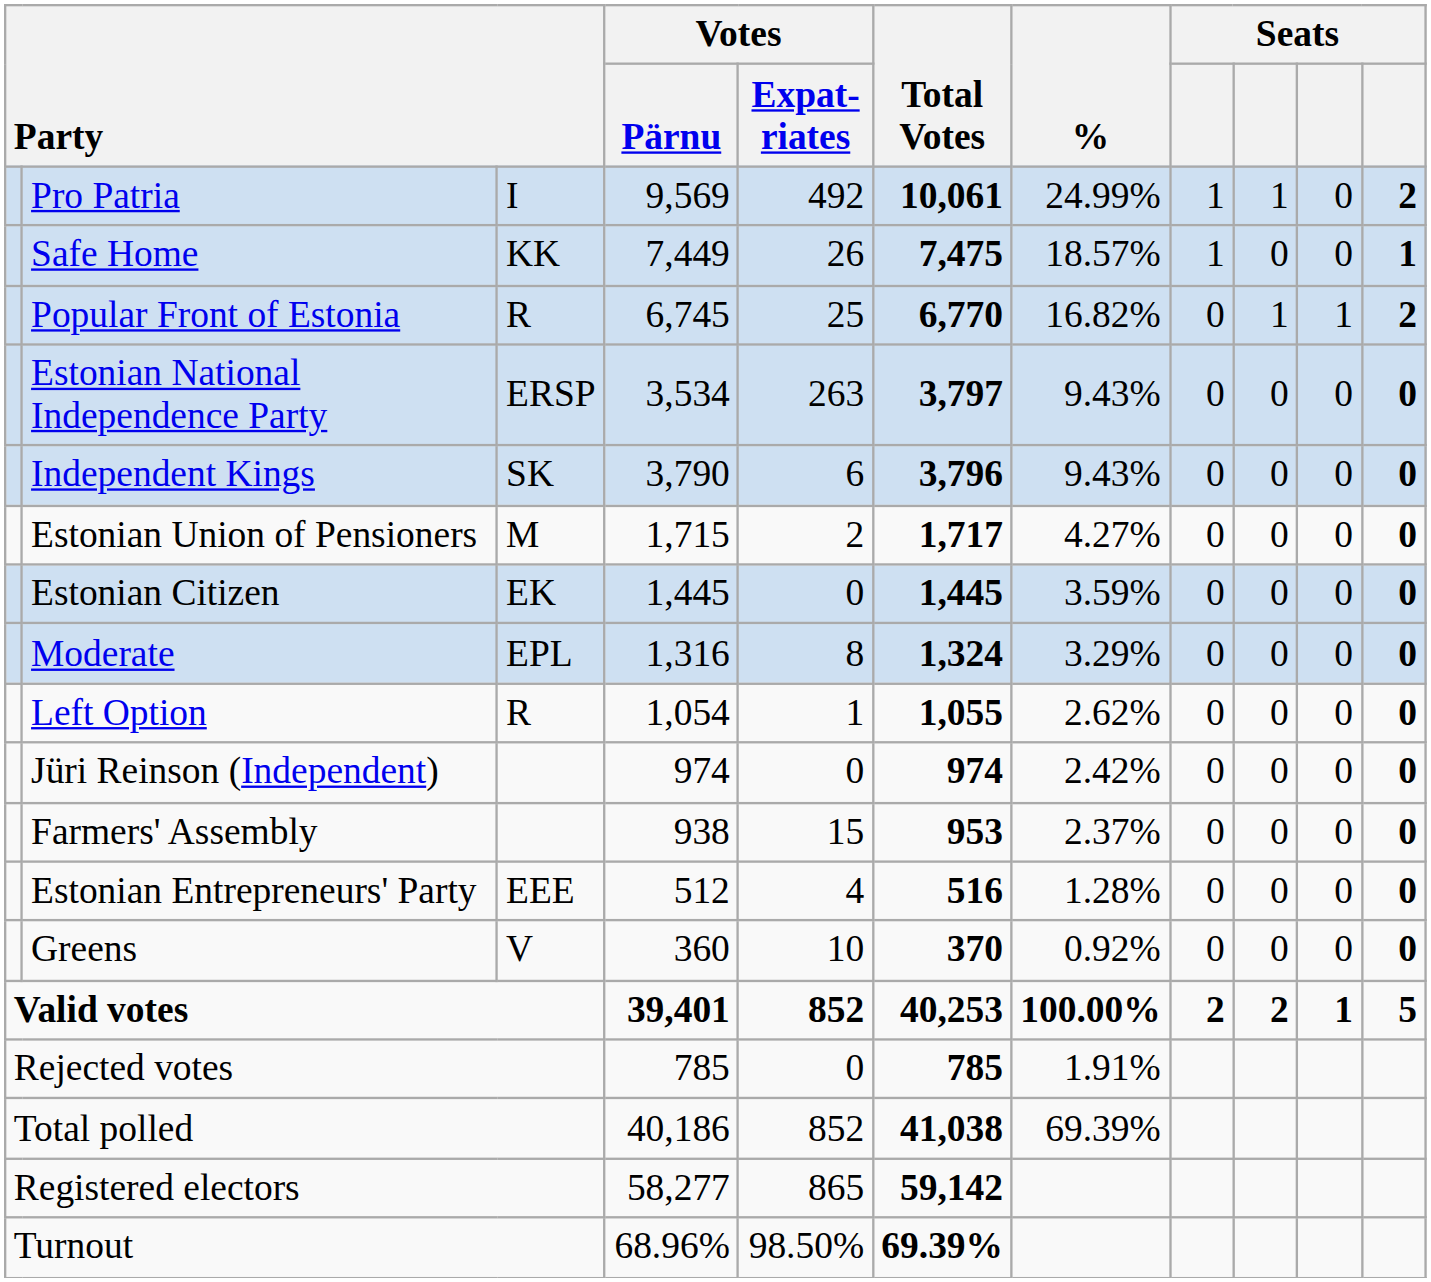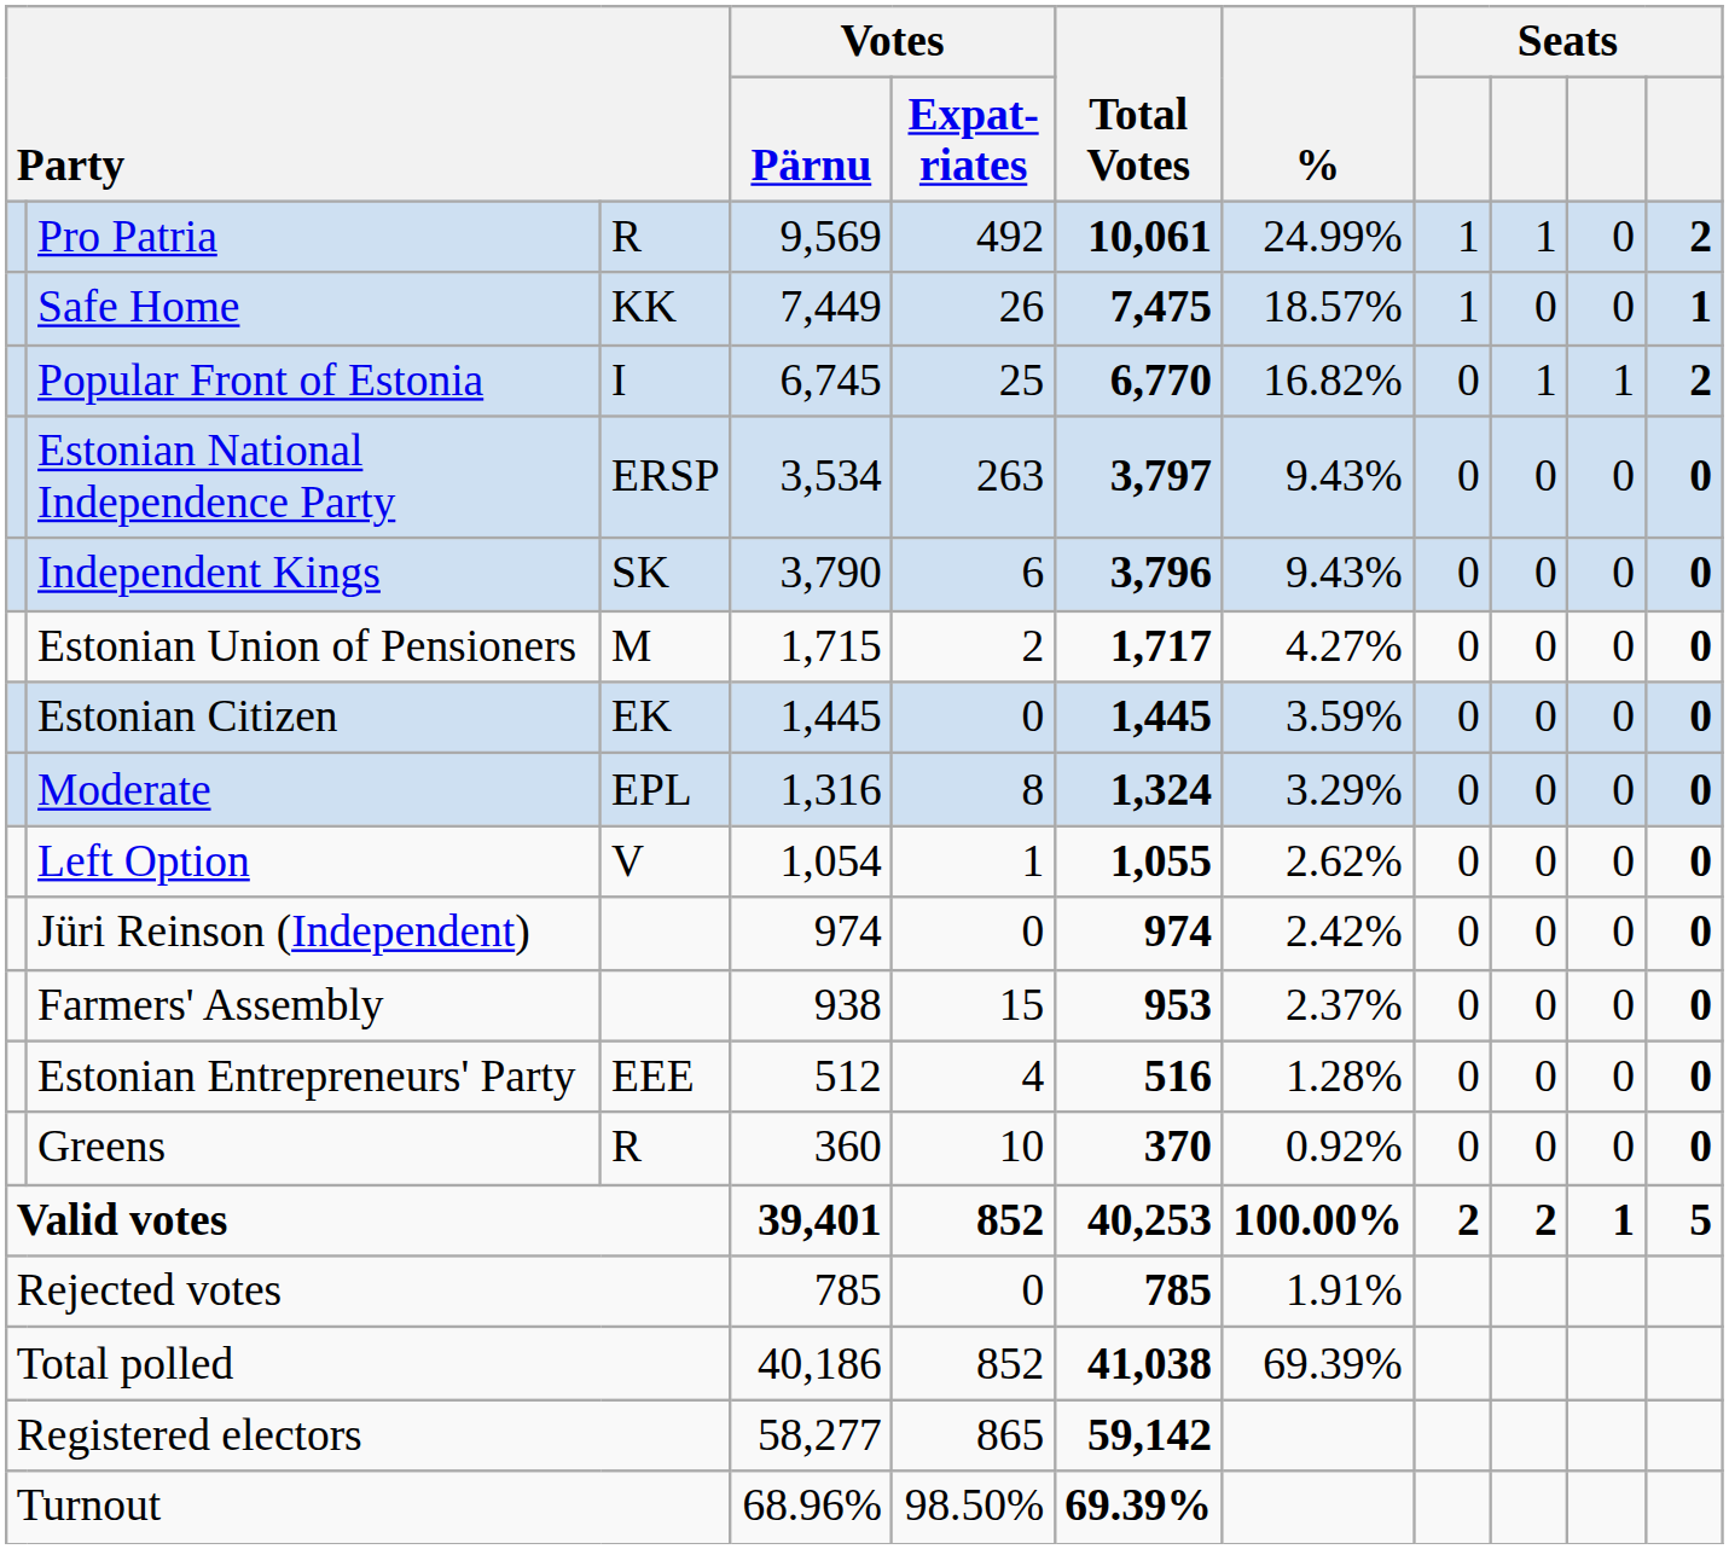 <table class="wikitable" border="1" style="text-align:right;">
 <tr>
 <th style="text-align:left;" valign=bottom rowspan=2 colspan=3>Party</th>
 <th colspan=2>Votes</th>
 <th align=center valign=bottom rowspan=2 width="50">Total Votes</th>
 <th align=center valign=bottom rowspan=2 width="50">%</th>
 <th colspan=4>Seats</th>
 </tr>
 <tr>
 <th align=center valign=bottom width="50"><a href='#'>Pärnu</a></th>
 <th align=center valign=bottom width="50"><a href='#'>Expat- riates</a></th>
 <th align=center valign=bottom width="20"><small></small></th>
 <th align=center valign=bottom width="20"><small></small></th>
 <th align=center valign=bottom width="20"><small></small></th>
 <th align=center valign=bottom width="20"><small></small></th>
 </tr>
 <tr style="background:#CEE0F2;">
 <td style="background:"></td>
 <td align=left><a href='#'>Pro Patria</a></td>
-<td align=left>I</td>
+<td align=left>R</td>
 <td>9,569</td>
 <td>492</td>
 <td><strong>10,061</strong></td>
 <td>24.99%</td>
 <td>1</td>
 <td>1</td>
 <td>0</td>
 <td><strong>2</strong></td>
 </tr>
 <tr style="background:#CEE0F2;">
 <td style="background:"></td>
 <td align=left><a href='#'>Safe Home</a></td>
 <td align=left>KK</td>
 <td>7,449</td>
 <td>26</td>
 <td><strong>7,475</strong></td>
 <td>18.57%</td>
 <td>1</td>
 <td>0</td>
 <td>0</td>
 <td><strong>1</strong></td>
 </tr>
 <tr style="background:#CEE0F2;">
 <td style="background:"></td>
 <td align=left><a href='#'>Popular Front of Estonia</a></td>
-<td align=left>R</td>
+<td align=left>I</td>
 <td>6,745</td>
 <td>25</td>
 <td><strong>6,770</strong></td>
 <td>16.82%</td>
 <td>0</td>
 <td>1</td>
 <td>1</td>
 <td><strong>2</strong></td>
 </tr>
 <tr style="background:#CEE0F2;">
 <td></td>
 <td align=left><a href='#'>Estonian National Independence Party</a></td>
 <td align=left>ERSP</td>
 <td>3,534</td>
 <td>263</td>
 <td><strong>3,797</strong></td>
 <td>9.43%</td>
 <td>0</td>
 <td>0</td>
 <td>0</td>
 <td><strong>0</strong></td>
 </tr>
 <tr style="background:#CEE0F2;">
 <td></td>
 <td align=left><a href='#'>Independent Kings</a></td>
 <td align=left>SK</td>
 <td>3,790</td>
 <td>6</td>
 <td><strong>3,796</strong></td>
 <td>9.43%</td>
 <td>0</td>
 <td>0</td>
 <td>0</td>
 <td><strong>0</strong></td>
 </tr>
 <tr>
 <td></td>
 <td align=left>Estonian Union of Pensioners</td>
 <td align=left>M</td>
 <td>1,715</td>
 <td>2</td>
 <td><strong>1,717</strong></td>
 <td>4.27%</td>
 <td>0</td>
 <td>0</td>
 <td>0</td>
 <td><strong>0</strong></td>
 </tr>
 <tr style="background:#CEE0F2;">
 <td></td>
 <td align=left>Estonian Citizen</td>
 <td align=left>EK</td>
 <td>1,445</td>
 <td>0</td>
 <td><strong>1,445</strong></td>
 <td>3.59%</td>
 <td>0</td>
 <td>0</td>
 <td>0</td>
 <td><strong>0</strong></td>
 </tr>
 <tr style="background:#CEE0F2;">
 <td style="background:"></td>
 <td align=left><a href='#'>Moderate</a></td>
 <td align=left>EPL</td>
 <td>1,316</td>
 <td>8</td>
 <td><strong>1,324</strong></td>
 <td>3.29%</td>
 <td>0</td>
 <td>0</td>
 <td>0</td>
 <td><strong>0</strong></td>
 </tr>
 <tr>
 <td style="background:"></td>
 <td align=left><a href='#'>Left Option</a></td>
-<td align=left>R</td>
+<td align=left>V</td>
 <td>1,054</td>
 <td>1</td>
 <td><strong>1,055</strong></td>
 <td>2.62%</td>
 <td>0</td>
 <td>0</td>
 <td>0</td>
 <td><strong>0</strong></td>
 </tr>
 <tr>
 <td style="background:"></td>
 <td align=left>Jüri Reinson (<a href='#'>Independent</a>)</td>
 <td></td>
 <td>974</td>
 <td>0</td>
 <td><strong>974</strong></td>
 <td>2.42%</td>
 <td>0</td>
 <td>0</td>
 <td>0</td>
 <td><strong>0</strong></td>
 </tr>
 <tr>
 <td></td>
 <td align=left>Farmers' Assembly</td>
 <td></td>
 <td>938</td>
 <td>15</td>
 <td><strong>953</strong></td>
 <td>2.37%</td>
 <td>0</td>
 <td>0</td>
 <td>0</td>
 <td><strong>0</strong></td>
 </tr>
 <tr>
 <td></td>
 <td align=left>Estonian Entrepreneurs' Party</td>
 <td align=left>EEE</td>
 <td>512</td>
 <td>4</td>
 <td><strong>516</strong></td>
 <td>1.28%</td>
 <td>0</td>
 <td>0</td>
 <td>0</td>
 <td><strong>0</strong></td>
 </tr>
 <tr>
 <td></td>
 <td align=left>Greens</td>
-<td align=left>V</td>
+<td align=left>R</td>
 <td>360</td>
 <td>10</td>
 <td><strong>370</strong></td>
 <td>0.92%</td>
 <td>0</td>
 <td>0</td>
 <td>0</td>
 <td><strong>0</strong></td>
 </tr>
 <tr style="font-weight:bold">
 <td align=left colspan=3>Valid votes</td>
 <td>39,401</td>
 <td>852</td>
 <td>40,253</td>
 <td>100.00%</td>
 <td>2</td>
 <td>2</td>
 <td>1</td>
 <td>5</td>
 </tr>
 <tr>
 <td align=left colspan=3>Rejected votes</td>
 <td>785</td>
 <td>0</td>
 <td><strong>785</strong></td>
 <td>1.91%</td>
 <td></td>
 <td></td>
 <td></td>
 <td></td>
 </tr>
 <tr>
 <td align=left colspan=3>Total polled</td>
 <td>40,186</td>
 <td>852</td>
 <td><strong>41,038</strong></td>
 <td>69.39%</td>
 <td></td>
 <td></td>
 <td></td>
 <td></td>
 </tr>
 <tr>
 <td align=left colspan=3>Registered electors</td>
 <td>58,277</td>
 <td>865</td>
 <td><strong>59,142</strong></td>
 <td></td>
 <td></td>
 <td></td>
 <td></td>
 <td></td>
 </tr>
 <tr>
 <td align=left colspan=3>Turnout</td>
 <td>68.96%</td>
 <td>98.50%</td>
 <td><strong>69.39%</strong></td>
 <td></td>
 <td></td>
 <td></td>
 <td></td>
 <td></td>
 </tr>
 </table>
